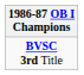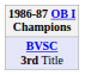 <table class="wikitable" style="text-align: center; margin: 0 auto;">
 <tr>
 <th>1986-87 <a href='#'>OB I</a><br>Champions</th>
 </tr>
 <tr>
-<td><strong><a href='#'>BVSC</a></strong><br><strong>3rd</strong> Title</td>
+<td style="background: lavender;"><strong><a href='#'>BVSC</a></strong><br><strong>3rd</strong> Title</td>
 </tr>
 </table>
